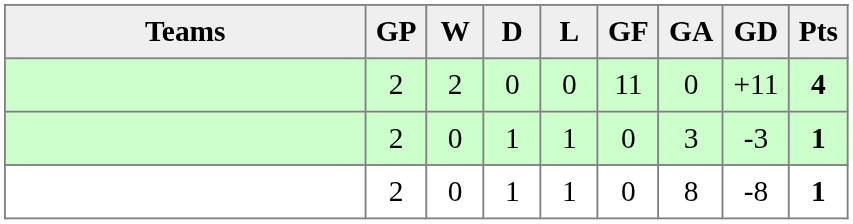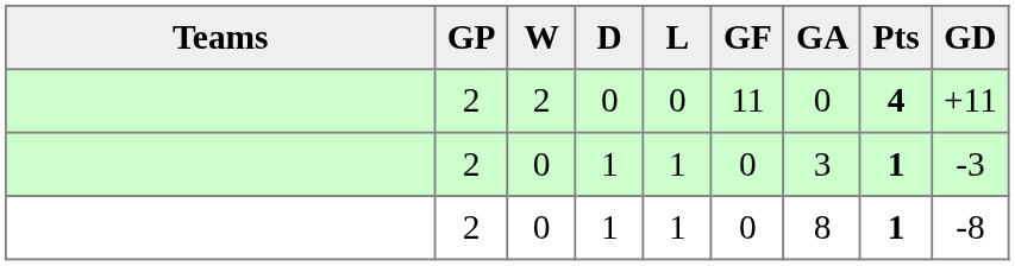 <table style=border-collapse:collapse border=1 cellspacing=0 cellpadding=5>
 <tr align=center bgcolor=#efefef>
 <th width=185>Teams</th>
 <th width=20>GP</th>
 <th width=20>W</th>
 <th width=20>D</th>
 <th width=20>L</th>
 <th width=20>GF</th>
 <th width=20>GA</th>
+<th width=20>Pts</th>
 <th width=20>GD</th>
-<th width=20>Pts</th>
 </tr>
 <tr align=center style="background:#ccffcc;">
 <td style="text-align:left;"></td>
 <td>2</td>
 <td>2</td>
 <td>0</td>
 <td>0</td>
 <td>11</td>
 <td>0</td>
+<td><strong>4</strong></td>
 <td>+11</td>
-<td><strong>4</strong></td>
 </tr>
 <tr align=center style="background:#ccffcc;">
 <td style="text-align:left;"></td>
 <td>2</td>
 <td>0</td>
 <td>1</td>
 <td>1</td>
 <td>0</td>
 <td>3</td>
+<td><strong>1</strong></td>
 <td>-3</td>
-<td><strong>1</strong></td>
 </tr>
 <tr align=center>
 <td style="text-align:left;"></td>
 <td>2</td>
 <td>0</td>
 <td>1</td>
 <td>1</td>
 <td>0</td>
 <td>8</td>
+<td><strong>1</strong></td>
 <td>-8</td>
-<td><strong>1</strong></td>
 </tr>
 </table>
